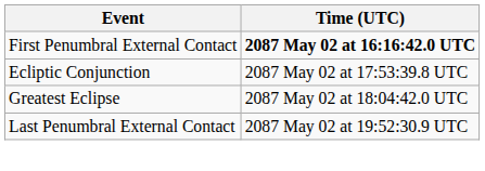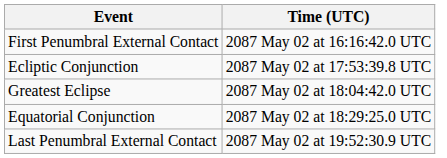 <table class="wikitable">
 <tr>
 <th>Event</th>
 <th>Time (UTC)</th>
 </tr>
 <tr>
 <td>First Penumbral External Contact</td>
-<td><strong>2087 May 02 at 16:16:42.0 UTC</strong></td>
+<td>2087 May 02 at 16:16:42.0 UTC</td>
 </tr>
 <tr>
 <td>Ecliptic Conjunction</td>
 <td>2087 May 02 at 17:53:39.8 UTC</td>
 </tr>
 <tr>
 <td>Greatest Eclipse</td>
 <td>2087 May 02 at 18:04:42.0 UTC</td>
 </tr>
 <tr>
+<td>Equatorial Conjunction</td>
+<td>2087 May 02 at 18:29:25.0 UTC</td>
+</tr>
+<tr>
 <td>Last Penumbral External Contact</td>
 <td>2087 May 02 at 19:52:30.9 UTC</td>
 </tr>
 </table>
